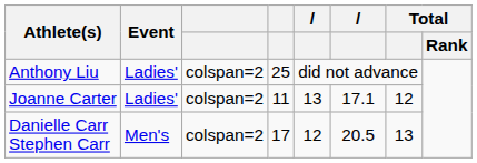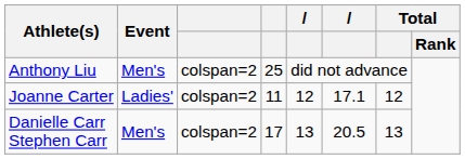 <table class="wikitable" style="font-size:90%">
 <tr>
 <th rowspan="2">Athlete(s)</th>
 <th rowspan="2">Event</th>
 <th></th>
 <th></th>
 <th>/</th>
 <th>/</th>
 <th colspan="2">Total</th>
 </tr>
 <tr>
 <th></th>
 <th></th>
 <th></th>
 <th></th>
 <th></th>
 <th>Rank</th>
 </tr>
 <tr align="center">
 <td align="left"><a href='#'>Anthony Liu</a></td>
-<td align="left"><a href='#'>Ladies'</a></td>
+<td align="left"><a href='#'>Men's</a></td>
 <td>colspan=2 </td>
 <td>25</td>
 <td colspan=3>did not advance</td>
 </tr>
 <tr align="center">
 <td align="left"><a href='#'>Joanne Carter</a></td>
 <td align="left"><a href='#'>Ladies'</a></td>
 <td>colspan=2 </td>
 <td>11</td>
-<td>13</td>
+<td>12</td>
 <td>17.1</td>
 <td>12</td>
 </tr>
 <tr align="center">
 <td align="left"><a href='#'>Danielle Carr</a> <br> <a href='#'>Stephen Carr</a></td>
 <td align="left"><a href='#'>Men's</a></td>
 <td>colspan=2 </td>
 <td>17</td>
-<td>12</td>
+<td>13</td>
 <td>20.5</td>
 <td>13</td>
 </tr>
 </table>
